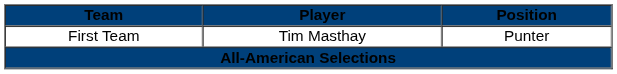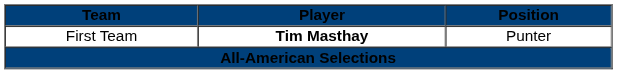 <table cellpadding="1" border="1" cellspacing="0" style="width:40%;">
 <tr>
 <th style="background:#00407a;"><span>Team</span></th>
 <th style="background:#00407a;"><span>Player</span></th>
 <th style="background:#00407a;"><span>Position</span></th>
 </tr>
 <tr style="text-align:center;">
 <td>First Team</td>
-<td>Tim Masthay</td>
+<td><strong>Tim Masthay</strong></td>
 <td>Punter</td>
 </tr>
 <tr style="text-align:center;">
 <td colspan="3" style="background:#00407a;"><span><strong>All-American Selections</strong></span></td>
 </tr>
 </table>
